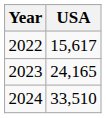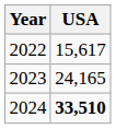 <table class="wikitable">
 <tr>
 <th>Year</th>
 <th>USA</th>
 </tr>
 <tr>
 <td>2022</td>
 <td>15,617</td>
 </tr>
 <tr>
 <td>2023</td>
 <td>24,165</td>
 </tr>
 <tr>
 <td>2024</td>
-<td>33,510</td>
+<td><strong>33,510</strong></td>
 </tr>
 </table>
